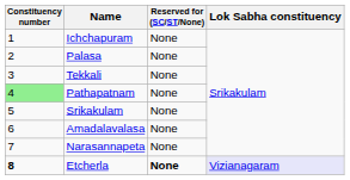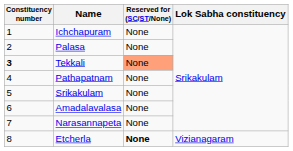 <table class="wikitable sortable">
 <tr>
 <th width="50px" style="font-size:75%">Constituency number</th>
 <th>Name</th>
 <th style="font-size:75%">Reserved for<br>(<a href='#'>SC</a>/<a href='#'>ST</a>/None)</th>
 <th>Lok Sabha constituency</th>
 </tr>
 <tr>
 <td>1</td>
 <td><a href='#'>Ichchapuram</a></td>
 <td>None</td>
 <td rowspan="7"><a href='#'>Srikakulam</a></td>
 </tr>
 <tr>
 <td>2</td>
 <td><a href='#'>Palasa</a></td>
 <td>None</td>
 </tr>
 <tr>
-<td>3</td>
+<td><strong>3</strong></td>
 <td><a href='#'>Tekkali</a></td>
-<td>None</td>
+<td style="background: lightsalmon;">None</td>
 </tr>
 <tr>
-<td style="background: lightgreen;">4</td>
+<td>4</td>
 <td><a href='#'>Pathapatnam</a></td>
 <td>None</td>
 </tr>
 <tr>
 <td>5</td>
 <td><a href='#'>Srikakulam</a></td>
 <td>None</td>
 </tr>
 <tr>
 <td>6</td>
 <td><a href='#'>Amadalavalasa</a></td>
 <td>None</td>
 </tr>
 <tr>
 <td>7</td>
 <td><a href='#'>Narasannapeta</a></td>
 <td>None</td>
 </tr>
 <tr>
-<td><strong>8</strong></td>
+<td>8</td>
 <td><a href='#'>Etcherla</a></td>
 <td><strong>None</strong></td>
-<td style="background: lavender;"><a href='#'>Vizianagaram</a></td>
+<td><a href='#'>Vizianagaram</a></td>
 </tr>
 </table>
